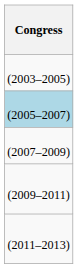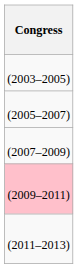 <table class="wikitable" style="float:left; margin:0; margin-right:-0.5px; margin-top:14px; text-align:center;">
 <tr style="white-space:nowrap; height:4.06em;">
 <th>Congress</th>
 </tr>
 <tr style="white-space:nowrap; height:3em;">
 <td><strong></strong><br>(2003–2005)</td>
 </tr>
 <tr style="white-space:nowrap; height:3em">
-<td style="background: lightblue;"><strong></strong><br>(2005–2007)</td>
+<td><strong></strong><br>(2005–2007)</td>
 </tr>
 <tr style="white-space:nowrap; height:3em">
 <td><strong></strong><br>(2007–2009)</td>
 </tr>
 <tr style="white-space:nowrap; height:4.1em">
-<td><strong></strong><br>(2009–2011)</td>
+<td style="background: pink;"><strong></strong><br>(2009–2011)</td>
 </tr>
 <tr style="white-space:nowrap; height:4.1em">
 <td><strong></strong><br>(2011–2013)</td>
 </tr>
 </table>
